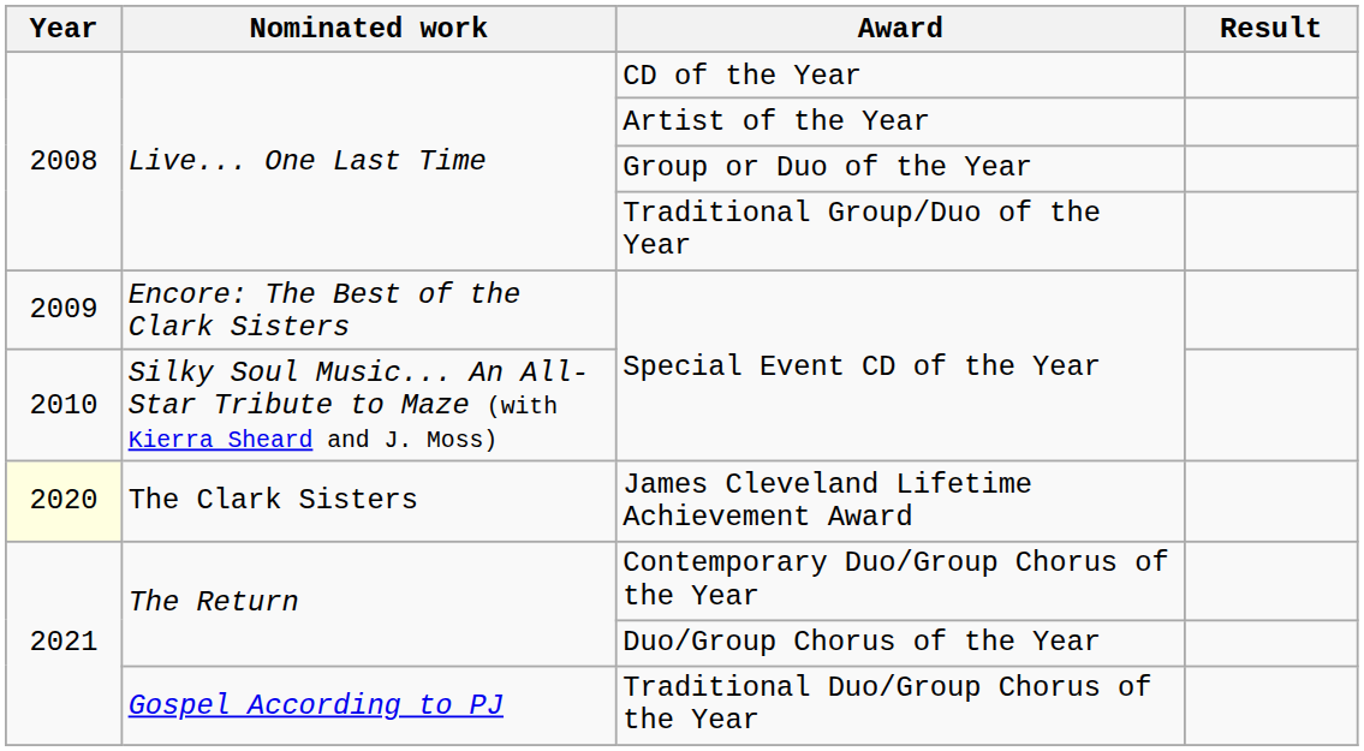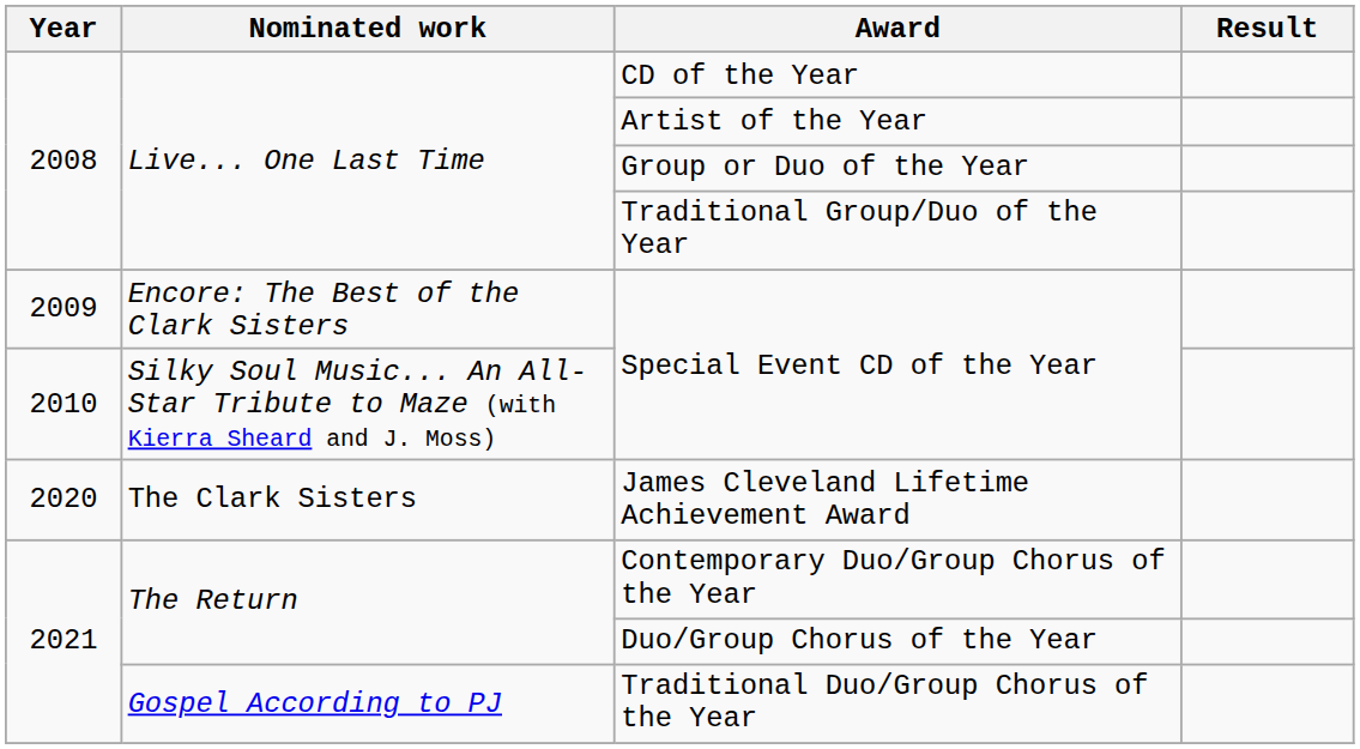 <table class="wikitable" style="width:70%;">
 <tr>
 <th style="width:3%;">Year</th>
 <th style="width:20%;">Nominated work</th>
 <th style="width:23%;">Award</th>
 <th style="width:5%;">Result</th>
 </tr>
 <tr>
 <td align="center" rowspan="4">2008</td>
 <td rowspan="4"><em>Live... One Last Time</em></td>
 <td>CD of the Year</td>
 <td></td>
 </tr>
 <tr>
 <td>Artist of the Year</td>
 <td></td>
 </tr>
 <tr>
 <td>Group or Duo of the Year</td>
 <td></td>
 </tr>
 <tr>
 <td>Traditional Group/Duo of the Year</td>
 <td></td>
 </tr>
 <tr>
 <td align="center">2009</td>
 <td><em>Encore: The Best of the Clark Sisters</em></td>
 <td rowspan="2">Special Event CD of the Year</td>
 <td></td>
 </tr>
 <tr>
 <td align="center">2010</td>
 <td><em>Silky Soul Music... An All-Star Tribute to Maze</em> <small>(with <a href='#'>Kierra Sheard</a> and J. Moss)</small></td>
 <td></td>
 </tr>
 <tr>
-<td align="center" style="background: lightyellow;">2020</td>
+<td align="center">2020</td>
 <td>The Clark Sisters</td>
 <td>James Cleveland Lifetime Achievement Award</td>
 <td></td>
 </tr>
 <tr>
 <td align="center" rowspan="3">2021</td>
 <td rowspan="2"><em>The Return</em></td>
 <td>Contemporary Duo/Group Chorus of the Year</td>
 <td></td>
 </tr>
 <tr>
 <td>Duo/Group Chorus of the Year</td>
 <td></td>
 </tr>
 <tr>
 <td><em><a href='#'>Gospel According to PJ</a></em></td>
 <td>Traditional Duo/Group Chorus of the Year</td>
 <td></td>
 </tr>
 </table>
